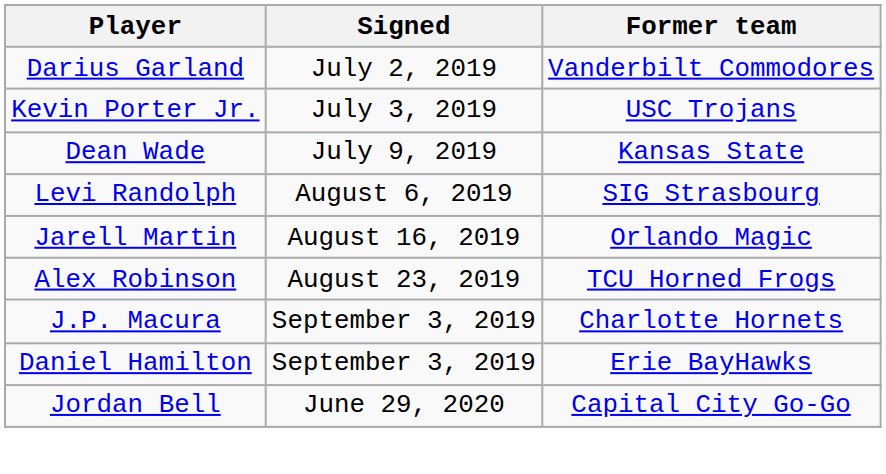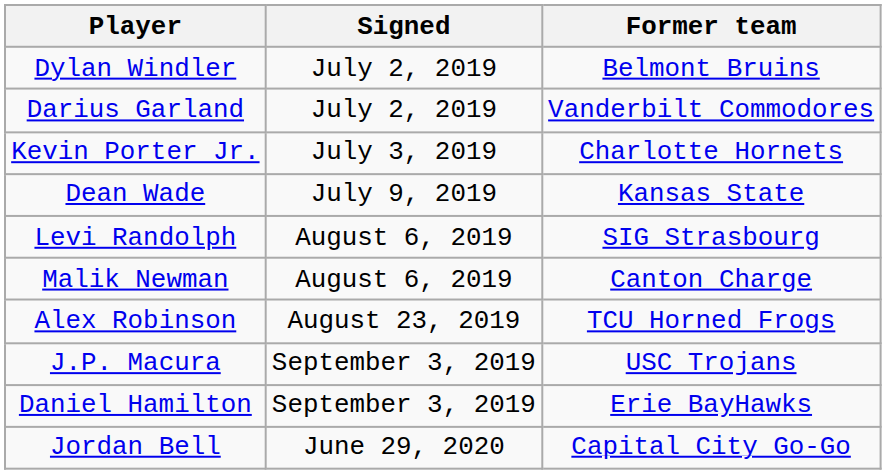 <table class="wikitable sortable sortable" style="text-align: center">
 <tr>
 <th>Player</th>
 <th>Signed</th>
 <th>Former team</th>
+</tr>
+<tr style="text-align: center">
+<td><a href='#'>Dylan Windler</a></td>
+<td>July 2, 2019</td>
+<td><a href='#'>Belmont Bruins</a></td>
 </tr>
 <tr style="text-align: center">
 <td><a href='#'>Darius Garland</a></td>
 <td>July 2, 2019</td>
 <td><a href='#'>Vanderbilt Commodores</a></td>
 </tr>
 <tr style="text-align: center">
 <td><a href='#'>Kevin Porter Jr.</a></td>
 <td>July 3, 2019</td>
-<td><a href='#'>USC Trojans</a></td>
+<td><a href='#'>Charlotte Hornets</a></td>
 </tr>
 <tr style="text-align: center">
 <td><a href='#'>Dean Wade</a></td>
 <td>July 9, 2019</td>
 <td><a href='#'>Kansas State</a></td>
 </tr>
 <tr style="text-align: center">
 <td><a href='#'>Levi Randolph</a></td>
 <td>August 6, 2019</td>
 <td> <a href='#'>SIG Strasbourg</a></td>
 </tr>
 <tr style="text-align: center">
-<td><a href='#'>Jarell Martin</a></td>
-<td>August 16, 2019</td>
-<td><a href='#'>Orlando Magic</a></td>
+<td><a href='#'>Malik Newman</a></td>
+<td>August 6, 2019</td>
+<td><a href='#'>Canton Charge</a></td>
 </tr>
 <tr style="text-align: center">
 <td><a href='#'>Alex Robinson</a></td>
 <td>August 23, 2019</td>
 <td><a href='#'>TCU Horned Frogs</a></td>
 </tr>
 <tr style="text-align: center">
 <td><a href='#'>J.P. Macura</a></td>
 <td>September 3, 2019</td>
-<td><a href='#'>Charlotte Hornets</a></td>
+<td><a href='#'>USC Trojans</a></td>
 </tr>
 <tr style="text-align: center">
 <td><a href='#'>Daniel Hamilton</a></td>
 <td>September 3, 2019</td>
 <td><a href='#'>Erie BayHawks</a></td>
 </tr>
 <tr style="text-align: center">
 <td><a href='#'>Jordan Bell</a></td>
 <td>June 29, 2020</td>
 <td><a href='#'>Capital City Go-Go</a></td>
 </tr>
 </table>
